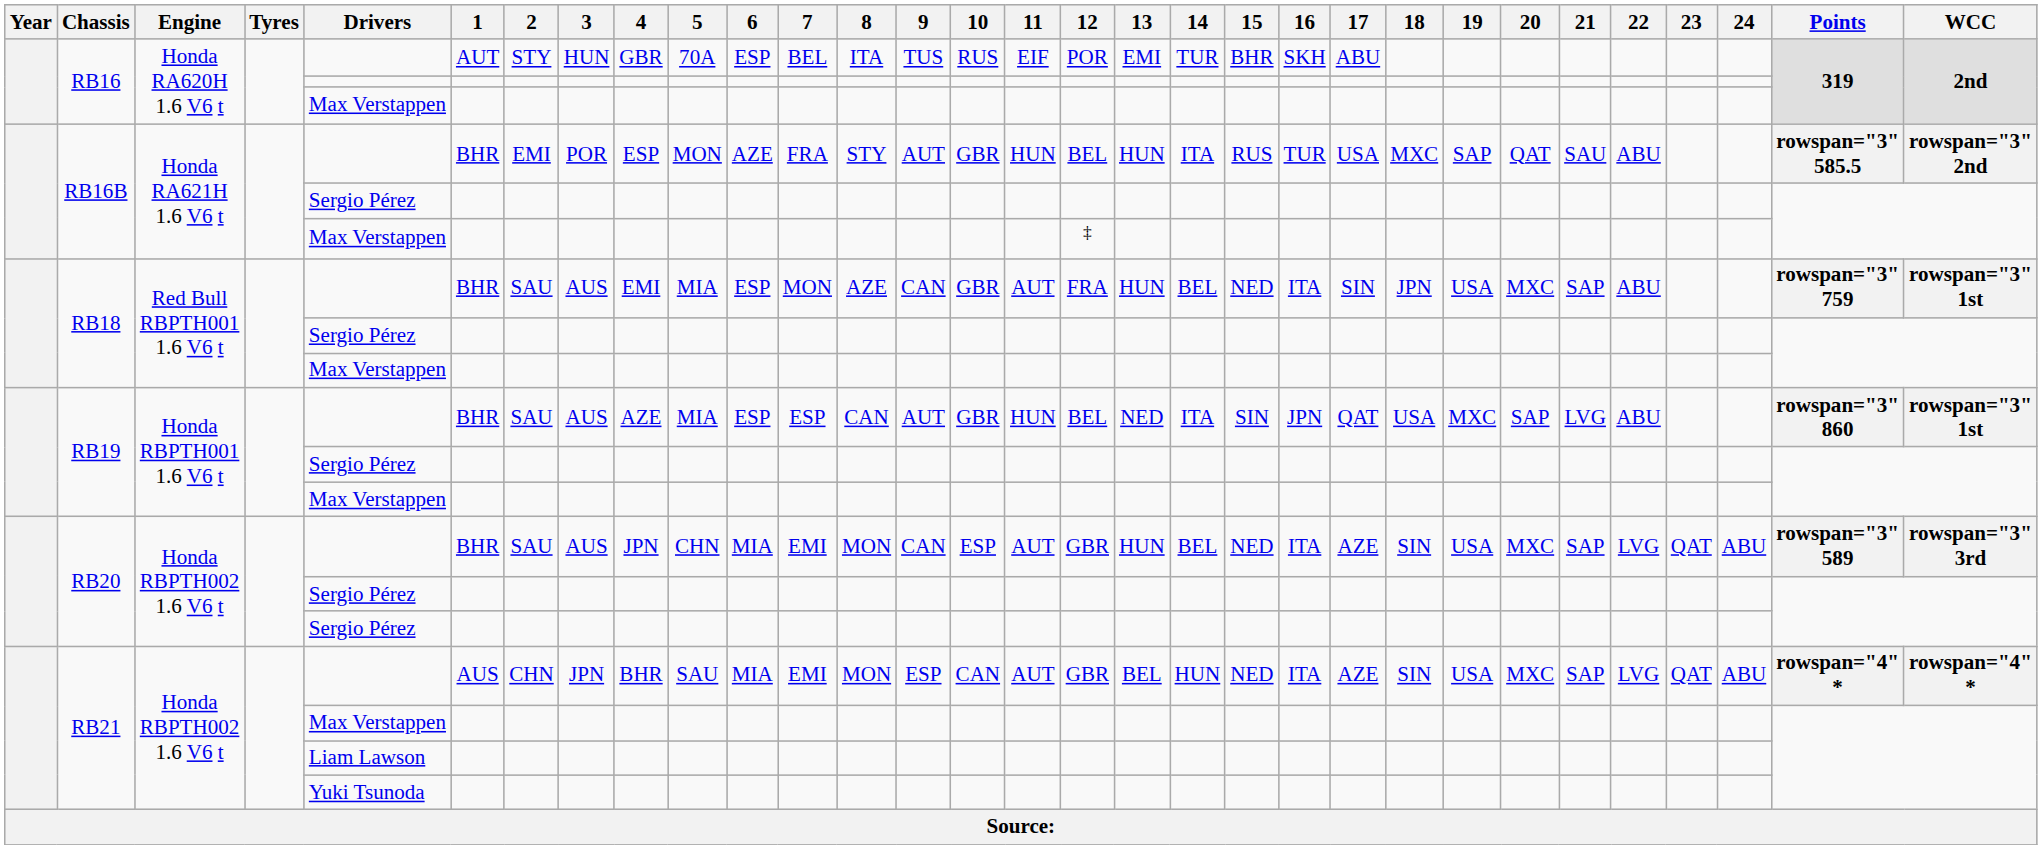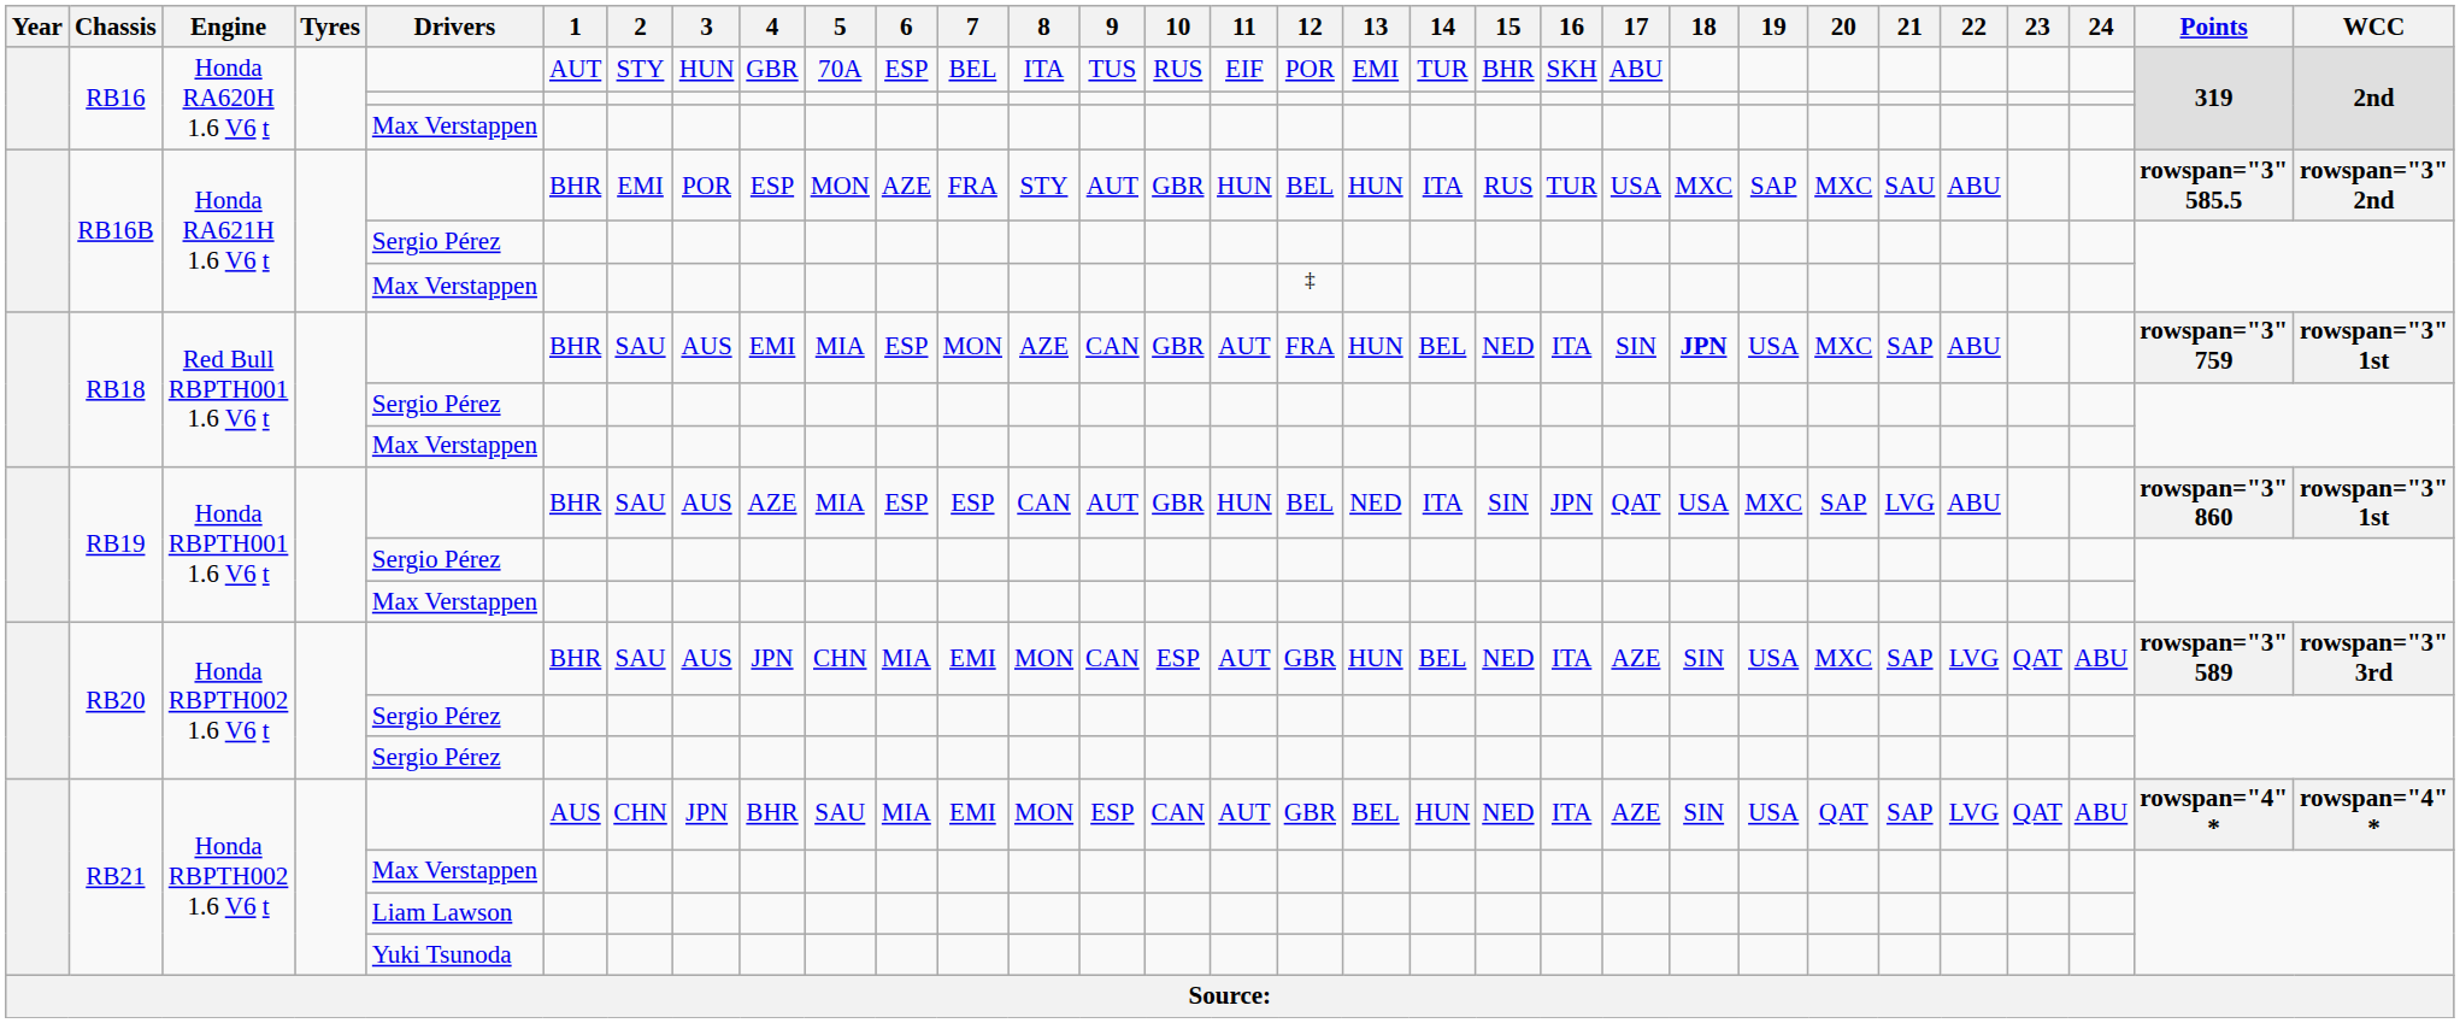 <table class="wikitable" style="text-align:center; font-size:85%;">
 <tr>
 <th>Year</th>
 <th>Chassis</th>
 <th>Engine</th>
 <th>Tyres</th>
 <th>Drivers</th>
 <th>1</th>
 <th>2</th>
 <th>3</th>
 <th>4</th>
 <th>5</th>
 <th>6</th>
 <th>7</th>
 <th>8</th>
 <th>9</th>
 <th>10</th>
 <th>11</th>
 <th>12</th>
 <th>13</th>
 <th>14</th>
 <th>15</th>
 <th>16</th>
 <th>17</th>
 <th>18</th>
 <th>19</th>
 <th>20</th>
 <th>21</th>
 <th>22</th>
 <th>23</th>
 <th>24</th>
 <th><a href='#'>Points</a></th>
 <th>WCC</th>
 </tr>
 <tr>
 <th rowspan="3"></th>
 <td rowspan="3"><a href='#'>RB16</a></td>
 <td rowspan="3"><a href='#'>Honda</a> <a href='#'>RA620H</a> 1.6 <a href='#'>V6</a> <a href='#'>t</a></td>
 <td rowspan="3"></td>
 <td></td>
 <td><a href='#'>AUT</a></td>
 <td><a href='#'>STY</a></td>
 <td><a href='#'>HUN</a></td>
 <td><a href='#'>GBR</a></td>
 <td><a href='#'>70A</a></td>
 <td><a href='#'>ESP</a></td>
 <td><a href='#'>BEL</a></td>
 <td><a href='#'>ITA</a></td>
 <td><a href='#'>TUS</a></td>
 <td><a href='#'>RUS</a></td>
 <td><a href='#'>EIF</a></td>
 <td><a href='#'>POR</a></td>
 <td><a href='#'>EMI</a></td>
 <td><a href='#'>TUR</a></td>
 <td><a href='#'>BHR</a></td>
 <td><a href='#'>SKH</a></td>
 <td><a href='#'>ABU</a></td>
 <td></td>
 <td></td>
 <td></td>
 <td></td>
 <td></td>
 <td></td>
 <td></td>
 <th rowspan="3" style="background-color:#DFDFDF">319</th>
 <th rowspan="3" style="background-color:#DFDFDF">2nd</th>
 </tr>
 <tr>
 <td align="left"></td>
 <td></td>
 <td></td>
 <td></td>
 <td></td>
 <td></td>
 <td></td>
 <td></td>
 <td></td>
 <td></td>
 <td></td>
 <td></td>
 <td></td>
 <td></td>
 <td></td>
 <td></td>
 <td></td>
 <td></td>
 <td></td>
 <td></td>
 <td></td>
 <td></td>
 <td></td>
 <td></td>
 <td></td>
 </tr>
 <tr>
 <td align="left"> <a href='#'>Max Verstappen</a></td>
 <td></td>
 <td></td>
 <td></td>
 <td></td>
 <td></td>
 <td></td>
 <td></td>
 <td></td>
 <td></td>
 <td></td>
 <td></td>
 <td></td>
 <td></td>
 <td></td>
 <td></td>
 <td></td>
 <td></td>
 <td></td>
 <td></td>
 <td></td>
 <td></td>
 <td></td>
 <td></td>
 <td></td>
 </tr>
 <tr>
 <th rowspan="3"></th>
 <td rowspan="3"><a href='#'>RB16B</a></td>
 <td rowspan="3"><a href='#'>Honda</a> <a href='#'>RA621H</a> 1.6 <a href='#'>V6</a> <a href='#'>t</a></td>
 <td rowspan="3"></td>
 <td></td>
 <td><a href='#'>BHR</a></td>
 <td><a href='#'>EMI</a></td>
 <td><a href='#'>POR</a></td>
 <td><a href='#'>ESP</a></td>
 <td><a href='#'>MON</a></td>
 <td><a href='#'>AZE</a></td>
 <td><a href='#'>FRA</a></td>
 <td><a href='#'>STY</a></td>
 <td><a href='#'>AUT</a></td>
 <td><a href='#'>GBR</a></td>
 <td><a href='#'>HUN</a></td>
 <td><a href='#'>BEL</a></td>
 <td><a href='#'>HUN</a></td>
 <td><a href='#'>ITA</a></td>
 <td><a href='#'>RUS</a></td>
 <td><a href='#'>TUR</a></td>
 <td><a href='#'>USA</a></td>
 <td><a href='#'>MXC</a></td>
 <td><a href='#'>SAP</a></td>
-<td><a href='#'>QAT</a></td>
+<td><a href='#'>MXC</a></td>
 <td><a href='#'>SAU</a></td>
 <td><a href='#'>ABU</a></td>
 <td></td>
 <td></td>
 <th>rowspan="3"  585.5</th>
 <th>rowspan="3"  2nd</th>
 </tr>
 <tr>
 <td align="left"> <a href='#'>Sergio Pérez</a></td>
 <td></td>
 <td></td>
 <td></td>
 <td></td>
 <td></td>
 <td></td>
 <td></td>
 <td></td>
 <td></td>
 <td></td>
 <td></td>
 <td></td>
 <td></td>
 <td></td>
 <td></td>
 <td></td>
 <td></td>
 <td></td>
 <td></td>
 <td></td>
 <td></td>
 <td></td>
 <td></td>
 <td></td>
 </tr>
 <tr>
 <td align="left"> <a href='#'>Max Verstappen</a></td>
 <td></td>
 <td></td>
 <td></td>
 <td></td>
 <td></td>
 <td></td>
 <td></td>
 <td></td>
 <td></td>
 <td></td>
 <td></td>
 <td><sup>‡</sup></td>
 <td></td>
 <td></td>
 <td></td>
 <td></td>
 <td></td>
 <td></td>
 <td></td>
 <td></td>
 <td></td>
 <td></td>
 <td></td>
 <td></td>
 </tr>
 <tr>
 <th rowspan="3"></th>
 <td rowspan="3"><a href='#'>RB18</a></td>
 <td rowspan="3"><a href='#'>Red Bull</a> <a href='#'>RBPTH001</a> 1.6 <a href='#'>V6</a> <a href='#'>t</a></td>
 <td rowspan="3"></td>
 <td></td>
 <td><a href='#'>BHR</a></td>
 <td><a href='#'>SAU</a></td>
 <td><a href='#'>AUS</a></td>
 <td><a href='#'>EMI</a></td>
 <td><a href='#'>MIA</a></td>
 <td><a href='#'>ESP</a></td>
 <td><a href='#'>MON</a></td>
 <td><a href='#'>AZE</a></td>
 <td><a href='#'>CAN</a></td>
 <td><a href='#'>GBR</a></td>
 <td><a href='#'>AUT</a></td>
 <td><a href='#'>FRA</a></td>
 <td><a href='#'>HUN</a></td>
 <td><a href='#'>BEL</a></td>
 <td><a href='#'>NED</a></td>
 <td><a href='#'>ITA</a></td>
 <td><a href='#'>SIN</a></td>
-<td><a href='#'>JPN</a></td>
+<td><strong><a href='#'>JPN</a></strong></td>
 <td><a href='#'>USA</a></td>
 <td><a href='#'>MXC</a></td>
 <td><a href='#'>SAP</a></td>
 <td><a href='#'>ABU</a></td>
 <td></td>
 <td></td>
 <th>rowspan="3"  759</th>
 <th>rowspan="3"  1st</th>
 </tr>
 <tr>
 <td align="left"> <a href='#'>Sergio Pérez</a></td>
 <td></td>
 <td></td>
 <td></td>
 <td></td>
 <td></td>
 <td></td>
 <td></td>
 <td></td>
 <td></td>
 <td></td>
 <td></td>
 <td></td>
 <td></td>
 <td></td>
 <td></td>
 <td></td>
 <td></td>
 <td></td>
 <td></td>
 <td></td>
 <td></td>
 <td></td>
 <td></td>
 <td></td>
 </tr>
 <tr>
 <td nowrap align="left"> <a href='#'>Max Verstappen</a></td>
 <td></td>
 <td></td>
 <td></td>
 <td></td>
 <td></td>
 <td></td>
 <td></td>
 <td></td>
 <td></td>
 <td></td>
 <td></td>
 <td></td>
 <td></td>
 <td></td>
 <td></td>
 <td></td>
 <td></td>
 <td></td>
 <td></td>
 <td></td>
 <td></td>
 <td></td>
 <td></td>
 <td></td>
 </tr>
 <tr>
 <th rowspan="3"></th>
 <td rowspan="3"><a href='#'>RB19</a></td>
 <td rowspan="3"><a href='#'>Honda</a> <a href='#'>RBPTH001</a> 1.6 <a href='#'>V6</a> <a href='#'>t</a></td>
 <td rowspan="3"></td>
 <td></td>
 <td><a href='#'>BHR</a></td>
 <td><a href='#'>SAU</a></td>
 <td><a href='#'>AUS</a></td>
 <td><a href='#'>AZE</a></td>
 <td><a href='#'>MIA</a></td>
 <td><a href='#'>ESP</a></td>
 <td><a href='#'>ESP</a></td>
 <td><a href='#'>CAN</a></td>
 <td><a href='#'>AUT</a></td>
 <td><a href='#'>GBR</a></td>
 <td><a href='#'>HUN</a></td>
 <td><a href='#'>BEL</a></td>
 <td><a href='#'>NED</a></td>
 <td><a href='#'>ITA</a></td>
 <td><a href='#'>SIN</a></td>
 <td><a href='#'>JPN</a></td>
 <td><a href='#'>QAT</a></td>
 <td><a href='#'>USA</a></td>
 <td><a href='#'>MXC</a></td>
 <td><a href='#'>SAP</a></td>
 <td><a href='#'>LVG</a></td>
 <td><a href='#'>ABU</a></td>
 <td></td>
 <td></td>
 <th>rowspan="3"  860</th>
 <th>rowspan="3"  1st</th>
 </tr>
 <tr>
 <td align="left"> <a href='#'>Sergio Pérez</a></td>
 <td></td>
 <td></td>
 <td></td>
 <td></td>
 <td></td>
 <td></td>
 <td></td>
 <td></td>
 <td></td>
 <td></td>
 <td></td>
 <td></td>
 <td></td>
 <td></td>
 <td></td>
 <td></td>
 <td></td>
 <td></td>
 <td></td>
 <td></td>
 <td></td>
 <td></td>
 <td></td>
 <td></td>
 </tr>
 <tr>
 <td align=left> <a href='#'>Max Verstappen</a></td>
 <td></td>
 <td></td>
 <td></td>
 <td></td>
 <td></td>
 <td></td>
 <td></td>
 <td></td>
 <td></td>
 <td></td>
 <td></td>
 <td></td>
 <td></td>
 <td></td>
 <td></td>
 <td></td>
 <td></td>
 <td></td>
 <td></td>
 <td></td>
 <td></td>
 <td></td>
 <td></td>
 <td></td>
 </tr>
 <tr>
 <th rowspan="3"></th>
 <td rowspan="3"><a href='#'>RB20</a></td>
 <td rowspan="3"><a href='#'>Honda</a> <a href='#'>RBPTH002</a> 1.6 <a href='#'>V6</a> <a href='#'>t</a></td>
 <td rowspan="3"></td>
 <td></td>
 <td><a href='#'>BHR</a></td>
 <td><a href='#'>SAU</a></td>
 <td><a href='#'>AUS</a></td>
 <td><a href='#'>JPN</a></td>
 <td><a href='#'>CHN</a></td>
 <td><a href='#'>MIA</a></td>
 <td><a href='#'>EMI</a></td>
 <td><a href='#'>MON</a></td>
 <td><a href='#'>CAN</a></td>
 <td><a href='#'>ESP</a></td>
 <td><a href='#'>AUT</a></td>
 <td><a href='#'>GBR</a></td>
 <td><a href='#'>HUN</a></td>
 <td><a href='#'>BEL</a></td>
 <td><a href='#'>NED</a></td>
 <td><a href='#'>ITA</a></td>
 <td><a href='#'>AZE</a></td>
 <td><a href='#'>SIN</a></td>
 <td><a href='#'>USA</a></td>
 <td><a href='#'>MXC</a></td>
 <td><a href='#'>SAP</a></td>
 <td><a href='#'>LVG</a></td>
 <td><a href='#'>QAT</a></td>
 <td><a href='#'>ABU</a></td>
 <th>rowspan="3"  589</th>
 <th>rowspan="3"  3rd</th>
 </tr>
 <tr>
 <td align="left"> <a href='#'>Sergio Pérez</a></td>
 <td></td>
 <td></td>
 <td></td>
 <td></td>
 <td></td>
 <td></td>
 <td></td>
 <td></td>
 <td></td>
 <td></td>
 <td></td>
 <td></td>
 <td></td>
 <td></td>
 <td></td>
 <td></td>
 <td></td>
 <td></td>
 <td></td>
 <td></td>
 <td></td>
 <td></td>
 <td></td>
 <td></td>
 </tr>
 <tr>
 <td align="left"> <a href='#'>Sergio Pérez</a></td>
 <td></td>
 <td></td>
 <td></td>
 <td></td>
 <td></td>
 <td></td>
 <td></td>
 <td></td>
 <td></td>
 <td></td>
 <td></td>
 <td></td>
 <td></td>
 <td></td>
 <td></td>
 <td></td>
 <td></td>
 <td></td>
 <td></td>
 <td></td>
 <td></td>
 <td></td>
 <td></td>
 <td></td>
 </tr>
 <tr>
 <th rowspan="4"></th>
 <td rowspan="4"><a href='#'>RB21</a></td>
 <td rowspan="4"><a href='#'>Honda</a> <a href='#'>RBPTH002</a> 1.6 <a href='#'>V6</a> <a href='#'>t</a></td>
 <td rowspan="4"></td>
 <td></td>
 <td><a href='#'>AUS</a></td>
 <td><a href='#'>CHN</a></td>
 <td><a href='#'>JPN</a></td>
 <td><a href='#'>BHR</a></td>
 <td><a href='#'>SAU</a></td>
 <td><a href='#'>MIA</a></td>
 <td><a href='#'>EMI</a></td>
 <td><a href='#'>MON</a></td>
 <td><a href='#'>ESP</a></td>
 <td><a href='#'>CAN</a></td>
 <td><a href='#'>AUT</a></td>
 <td><a href='#'>GBR</a></td>
 <td><a href='#'>BEL</a></td>
 <td><a href='#'>HUN</a></td>
 <td><a href='#'>NED</a></td>
 <td><a href='#'>ITA</a></td>
 <td><a href='#'>AZE</a></td>
 <td><a href='#'>SIN</a></td>
 <td><a href='#'>USA</a></td>
-<td><a href='#'>MXC</a></td>
+<td><a href='#'>QAT</a></td>
 <td><a href='#'>SAP</a></td>
 <td><a href='#'>LVG</a></td>
 <td><a href='#'>QAT</a></td>
 <td><a href='#'>ABU</a></td>
 <th>rowspan="4" *</th>
 <th>rowspan="4" *</th>
 </tr>
 <tr>
 <td align=left> <a href='#'>Max Verstappen</a></td>
 <td></td>
 <td></td>
 <td></td>
 <td></td>
 <td></td>
 <td></td>
 <td></td>
 <td></td>
 <td></td>
 <td></td>
 <td></td>
 <td></td>
 <td></td>
 <td></td>
 <td></td>
 <td></td>
 <td></td>
 <td></td>
 <td></td>
 <td></td>
 <td></td>
 <td></td>
 <td></td>
 <td></td>
 </tr>
 <tr>
 <td align=left> <a href='#'>Liam Lawson</a></td>
 <td></td>
 <td></td>
 <td></td>
 <td></td>
 <td></td>
 <td></td>
 <td></td>
 <td></td>
 <td></td>
 <td></td>
 <td></td>
 <td></td>
 <td></td>
 <td></td>
 <td></td>
 <td></td>
 <td></td>
 <td></td>
 <td></td>
 <td></td>
 <td></td>
 <td></td>
 <td></td>
 <td></td>
 </tr>
 <tr>
 <td align=left> <a href='#'>Yuki Tsunoda</a></td>
 <td></td>
 <td></td>
 <td></td>
 <td></td>
 <td></td>
 <td></td>
 <td></td>
 <td></td>
 <td></td>
 <td></td>
 <td></td>
 <td></td>
 <td></td>
 <td></td>
 <td></td>
 <td></td>
 <td></td>
 <td></td>
 <td></td>
 <td></td>
 <td></td>
 <td></td>
 <td></td>
 <td></td>
 </tr>
 <tr>
 <th colspan="31">Source:</th>
 </tr>
 </table>
